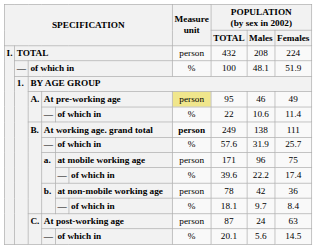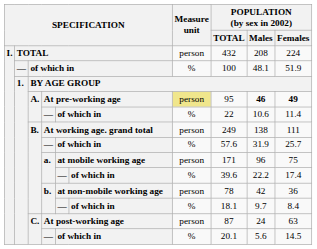 <table class="wikitable" style="font-size:85%; text-align:center">
 <tr>
 <th rowspan="2" colspan="6">SPECIFICATION</th>
 <th rowspan="2">Measure<br> unit</th>
 <th colspan="3" rowspan="1">POPULATION<br> (by sex in 2002)</th>
 </tr>
 <tr>
 <th>TOTAL</th>
 <th>Males</th>
 <th>Females</th>
 </tr>
 <tr>
 <th style="text-align:left" valign="top" rowspan="13">I.</th>
 <th style="text-align:left" colspan="5">TOTAL</th>
 <td>person</td>
 <td>432</td>
 <td>208</td>
 <td>224</td>
 </tr>
 <tr>
 <th style="text-align:left" valign="top">—</th>
 <th style="text-align:left" colspan="4">of which in</th>
 <td>%</td>
 <td>100</td>
 <td>48.1</td>
 <td>51.9</td>
 </tr>
 <tr>
 <th style="text-align:left" valign="top" rowspan="11">1.</th>
 <th style="text-align:left" colspan="19">BY AGE GROUP</th>
 </tr>
 <tr>
 <th style="text-align:left" valign="top" rowspan="2">A.</th>
 <th style="text-align:left" colspan="3">At pre-working age</th>
 <td style="background: khaki;">person</td>
 <td>95</td>
-<td>46</td>
-<td>49</td>
+<td><strong>46</strong></td>
+<td><strong>49</strong></td>
 </tr>
 <tr>
 <th style="text-align:left" valign="top">—</th>
 <th style="text-align:left" valign="top" colspan="2">of which in</th>
 <td>%</td>
 <td>22</td>
 <td>10.6</td>
 <td>11.4</td>
 </tr>
 <tr>
 <th style="text-align:left" valign="top" rowspan="6">B.</th>
 <th style="text-align:left" colspan="3">At working age. grand total</th>
-<td><strong>person</strong></td>
+<td>person</td>
 <td>249</td>
 <td>138</td>
 <td>111</td>
 </tr>
 <tr>
 <th style="text-align:left" valign="top">—</th>
 <th style="text-align:left" valign="top" colspan="2">of which in</th>
 <td>%</td>
 <td>57.6</td>
 <td>31.9</td>
 <td>25.7</td>
 </tr>
 <tr>
 <th style="text-align:left" valign="top" rowspan="2">a.</th>
 <th style="text-align:left" colspan="2">at mobile working age</th>
 <td>person</td>
 <td>171</td>
 <td>96</td>
 <td>75</td>
 </tr>
 <tr>
 <th style="text-align:left" valign="top">—</th>
 <th style="text-align:left" valign="top" colspan="1">of which in                        </th>
 <td>%</td>
 <td>39.6</td>
 <td>22.2</td>
 <td>17.4</td>
 </tr>
 <tr>
 <th style="text-align:left" valign="top" rowspan="2">b.</th>
 <th style="text-align:left" colspan="2">at non-mobile working age</th>
 <td>person</td>
 <td>78</td>
 <td>42</td>
 <td>36</td>
 </tr>
 <tr>
 <th style="text-align:left" valign="top">—</th>
 <th style="text-align:left" valign="top" colspan="1">of which in                        </th>
 <td>%</td>
 <td>18.1</td>
 <td>9.7</td>
 <td>8.4</td>
 </tr>
 <tr>
 <th style="text-align:left" valign="top" rowspan="2">C.</th>
 <th style="text-align:left" colspan="3">At post-working age</th>
 <td>person</td>
 <td>87</td>
 <td>24</td>
 <td>63</td>
 </tr>
 <tr>
 <th style="text-align:left" valign="top">—</th>
 <th style="text-align:left" valign="top" colspan="2">of which in</th>
 <td>%</td>
 <td>20.1</td>
 <td>5.6</td>
 <td>14.5</td>
 </tr>
 </table>
